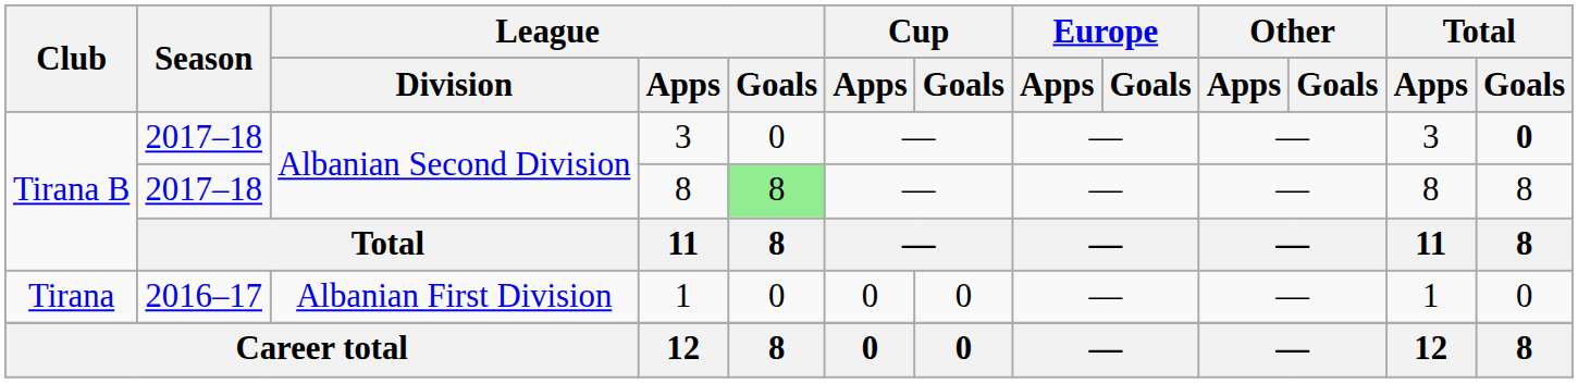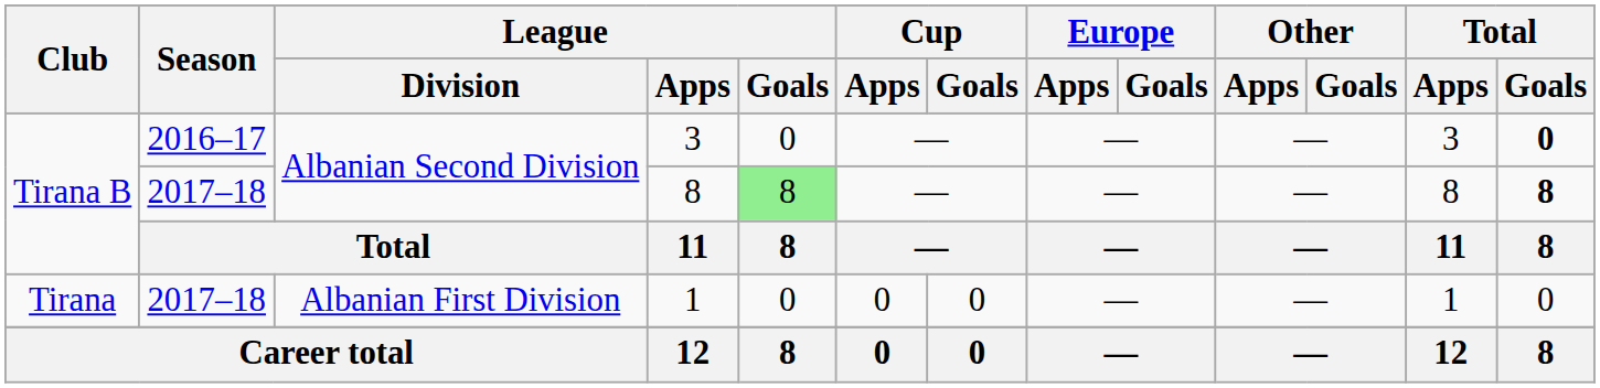 <table class="wikitable" style="text-align:center">
 <tr>
 <th rowspan="2">Club</th>
 <th rowspan="2">Season</th>
 <th colspan="3">League</th>
 <th colspan="2">Cup</th>
 <th colspan="2"><a href='#'>Europe</a></th>
 <th colspan="2">Other</th>
 <th colspan="2">Total</th>
 </tr>
 <tr>
 <th>Division</th>
 <th>Apps</th>
 <th>Goals</th>
 <th>Apps</th>
 <th>Goals</th>
 <th>Apps</th>
 <th>Goals</th>
 <th>Apps</th>
 <th>Goals</th>
 <th>Apps</th>
 <th>Goals</th>
 </tr>
 <tr>
 <td rowspan="3" valign="center"><a href='#'>Tirana B</a></td>
-<td><a href='#'>2017–18</a></td>
+<td><a href='#'>2016–17</a></td>
 <td rowspan="2"><a href='#'>Albanian Second Division</a></td>
 <td>3</td>
 <td>0</td>
 <td colspan="2">—</td>
 <td colspan="2">—</td>
 <td colspan="2">—</td>
 <td>3</td>
 <td><strong>0</strong></td>
 </tr>
 <tr>
 <td><a href='#'>2017–18</a></td>
 <td>8</td>
 <td style="background: lightgreen;">8</td>
 <td colspan="2">—</td>
 <td colspan="2">—</td>
 <td colspan="2">—</td>
 <td>8</td>
-<td>8</td>
+<td><strong>8</strong></td>
 </tr>
 <tr>
 <th colspan="2" valign="center">Total</th>
 <th>11</th>
 <th>8</th>
 <th colspan="2">—</th>
 <th colspan="2">—</th>
 <th colspan="2">—</th>
 <th>11</th>
 <th>8</th>
 </tr>
 <tr>
 <td rowspan="1" valign="center"><a href='#'>Tirana</a></td>
-<td><a href='#'>2016–17</a></td>
+<td><a href='#'>2017–18</a></td>
 <td rowspan="1"><a href='#'>Albanian First Division</a></td>
 <td>1</td>
 <td>0</td>
 <td>0</td>
 <td>0</td>
 <td colspan="2">—</td>
 <td colspan="2">—</td>
 <td>1</td>
 <td>0</td>
 </tr>
 <tr>
 </tr>
 <tr>
 <th colspan="3">Career total</th>
 <th>12</th>
 <th>8</th>
 <th>0</th>
 <th>0</th>
 <th colspan="2">—</th>
 <th colspan="2">—</th>
 <th>12</th>
 <th>8</th>
 </tr>
 </table>
